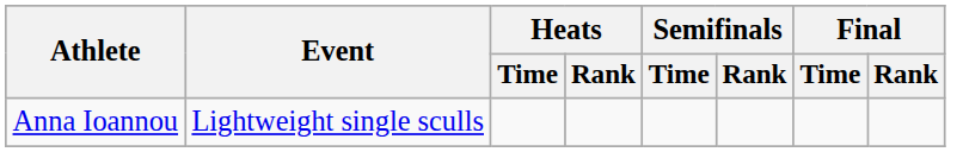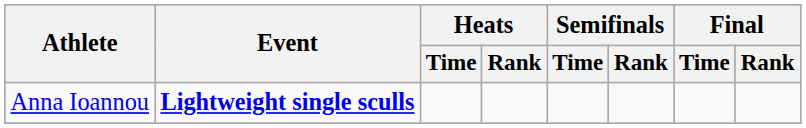 <table class=wikitable style="font-size:90%;">
 <tr>
 <th rowspan=2>Athlete</th>
 <th rowspan=2>Event</th>
 <th colspan=2>Heats</th>
 <th colspan=2>Semifinals</th>
 <th colspan=2>Final</th>
 </tr>
 <tr style="font-size:95%">
 <th>Time</th>
 <th>Rank</th>
 <th>Time</th>
 <th>Rank</th>
 <th>Time</th>
 <th>Rank</th>
 </tr>
 <tr align=center>
 <td align=left><a href='#'>Anna Ioannou</a></td>
-<td align=left><a href='#'>Lightweight single sculls</a></td>
+<td align=left><strong><a href='#'>Lightweight single sculls</a></strong></td>
 <td></td>
 <td></td>
 <td></td>
 <td></td>
 <td></td>
 <td></td>
 </tr>
 </table>
